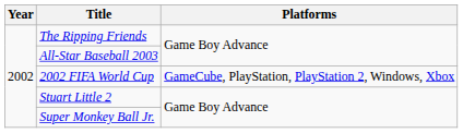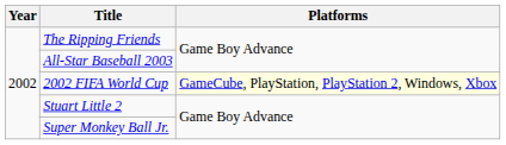 <table class="wikitable sortable">
 <tr>
 <th scope="col">Year</th>
 <th scope="col">Title</th>
 <th scope="col">Platforms</th>
 </tr>
 <tr>
 <td rowspan="5">2002</td>
 <td><em><a href='#'>The Ripping Friends</a></em></td>
 <td rowspan="2">Game Boy Advance</td>
 </tr>
 <tr>
 <td><em><a href='#'>All-Star Baseball 2003</a></em></td>
 </tr>
 <tr>
 <td><em><a href='#'>2002 FIFA World Cup</a></em></td>
-<td><a href='#'>GameCube</a>, PlayStation, <a href='#'>PlayStation 2</a>, Windows, <a href='#'>Xbox</a></td>
+<td style="background: lightyellow;"><a href='#'>GameCube</a>, PlayStation, <a href='#'>PlayStation 2</a>, Windows, <a href='#'>Xbox</a></td>
 </tr>
 <tr>
 <td><em><a href='#'>Stuart Little 2</a></em></td>
 <td rowspan="2">Game Boy Advance</td>
 </tr>
 <tr>
 <td><em><a href='#'>Super Monkey Ball Jr.</a></em></td>
 </tr>
 </table>
